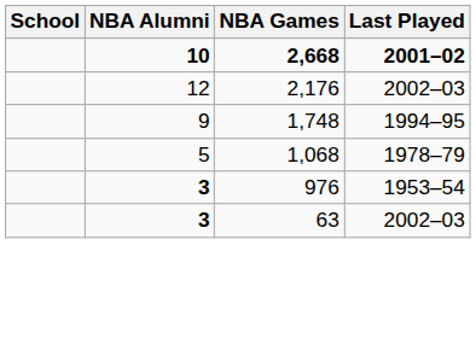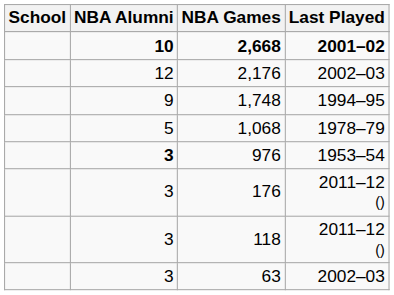 <table class="wikitable sortable" style="text-align:right">
 <tr>
 <th style="text-align:right">School</th>
 <th style="text-align:right">NBA Alumni</th>
 <th style="text-align:right">NBA Games</th>
 <th style="text-align:right">Last Played</th>
 </tr>
 <tr>
 </tr>
 <tr class="sorttop">
 <th style="text-align:right;background:#F9F9F9"></th>
 <th style="text-align:right;background:#F9F9F9">10</th>
 <th style="text-align:right;background:#F9F9F9">2,668</th>
 <th style="text-align:right;background:#F9F9F9">2001–02</th>
 </tr>
 <tr>
 <td></td>
 <td>12</td>
 <td>2,176</td>
 <td>2002–03</td>
 </tr>
 <tr>
 <td></td>
 <td>9</td>
 <td>1,748</td>
 <td>1994–95</td>
 </tr>
 <tr>
 <td></td>
 <td>5</td>
 <td>1,068</td>
 <td>1978–79</td>
 </tr>
 <tr>
 <td></td>
 <td><strong>3</strong></td>
 <td>976</td>
 <td>1953–54</td>
 </tr>
 <tr>
 <td></td>
-<td><strong>3</strong></td>
+<td>3</td>
+<td>176</td>
+<td>2011–12<br><small>()</small></td>
+</tr>
+<tr>
+<td></td>
+<td>3</td>
+<td>118</td>
+<td>2011–12<br><small>()</small></td>
+</tr>
+<tr>
+<td></td>
+<td>3</td>
 <td>63</td>
 <td>2002–03</td>
 </tr>
 </table>
